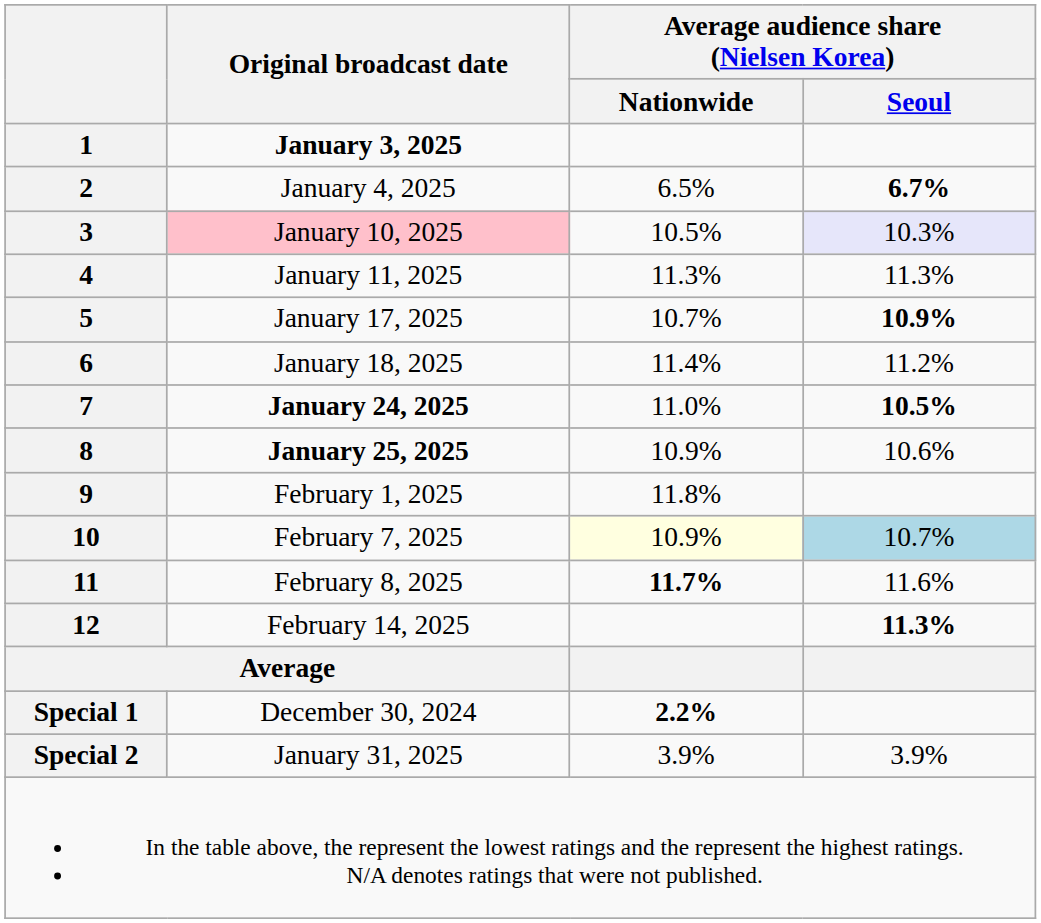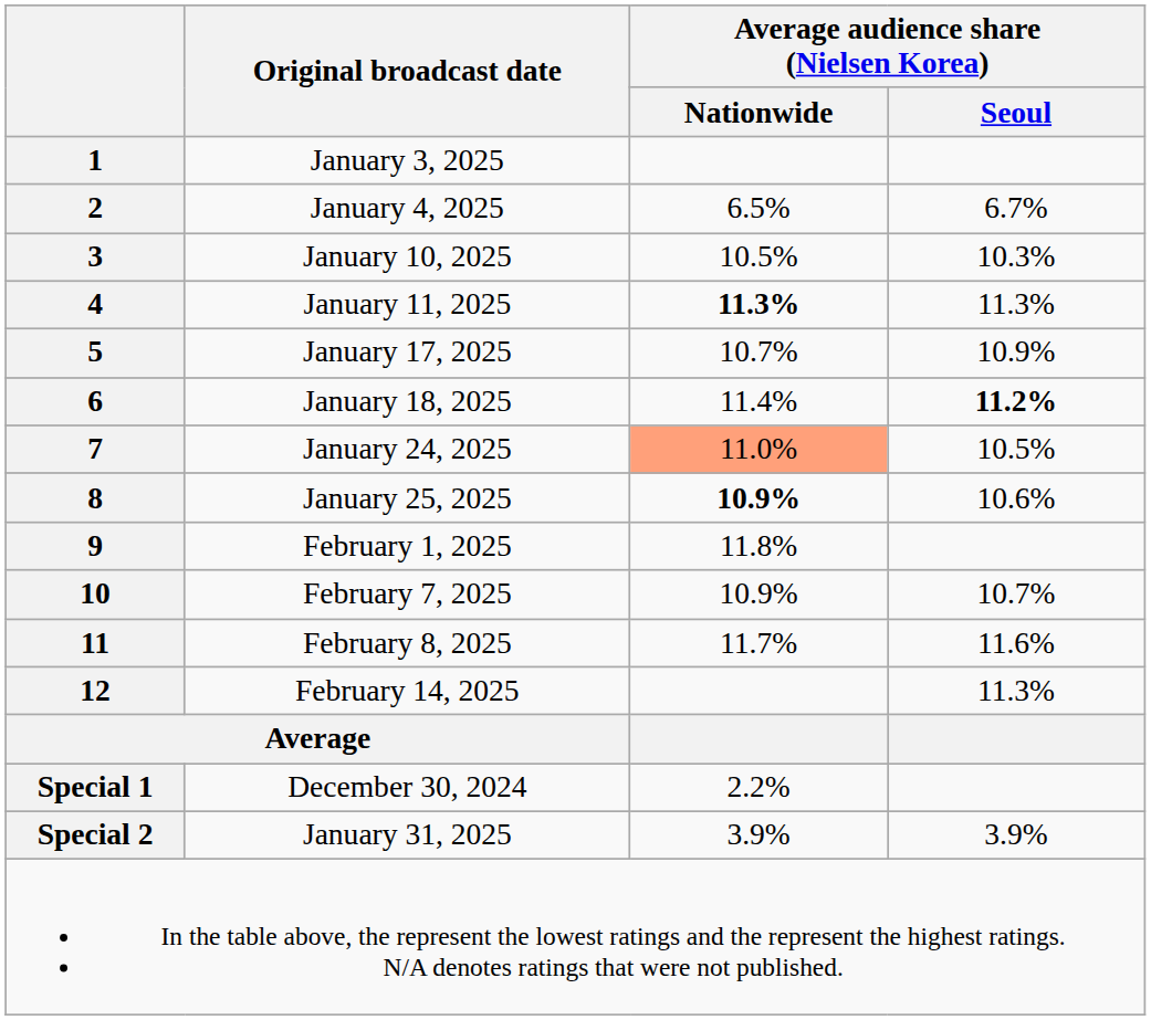 <table class="wikitable" style="margin-left:auto; margin-right:auto; width:600px; text-align:center">
 <tr>
 <th scope="col" rowspan="2"></th>
 <th scope="col" rowspan="2">Original broadcast date</th>
 <th scope="col" colspan="2">Average audience share<br>(<a href='#'>Nielsen Korea</a>)</th>
 </tr>
 <tr>
 <th scope="col" style="width:8em">Nationwide</th>
 <th scope="col" style="width:8em"><a href='#'>Seoul</a></th>
 </tr>
 <tr>
 <th scope="row">1</th>
-<td><strong>January 3, 2025</strong></td>
+<td>January 3, 2025</td>
 <td><strong></strong> </td>
 <td><strong></strong> </td>
 </tr>
 <tr>
 <th scope="row">2</th>
 <td>January 4, 2025</td>
 <td>6.5% </td>
-<td><strong>6.7% </strong></td>
+<td>6.7% </td>
 </tr>
 <tr>
 <th scope="row">3</th>
-<td style="background: pink;">January 10, 2025</td>
+<td>January 10, 2025</td>
 <td>10.5% </td>
-<td style="background: lavender;">10.3% </td>
+<td>10.3% </td>
 </tr>
 <tr>
 <th scope="row">4</th>
 <td>January 11, 2025</td>
-<td>11.3% </td>
+<td><strong>11.3% </strong></td>
 <td>11.3% </td>
 </tr>
 <tr>
 <th scope="row">5</th>
 <td>January 17, 2025</td>
 <td>10.7% </td>
-<td><strong>10.9% </strong></td>
+<td>10.9% </td>
 </tr>
 <tr>
 <th scope="row">6</th>
 <td>January 18, 2025</td>
 <td>11.4% </td>
-<td>11.2% </td>
+<td><strong>11.2% </strong></td>
 </tr>
 <tr>
 <th scope="row">7</th>
-<td><strong>January 24, 2025</strong></td>
-<td>11.0% </td>
-<td><strong>10.5% </strong></td>
+<td>January 24, 2025</td>
+<td style="background: lightsalmon;">11.0% </td>
+<td>10.5% </td>
 </tr>
 <tr>
 <th scope="row">8</th>
-<td><strong>January 25, 2025</strong></td>
-<td>10.9% </td>
+<td>January 25, 2025</td>
+<td><strong>10.9% </strong></td>
 <td>10.6% </td>
 </tr>
 <tr>
 <th scope="row">9</th>
 <td>February 1, 2025</td>
 <td>11.8% </td>
 <td><strong></strong> </td>
 </tr>
 <tr>
 <th scope="row">10</th>
 <td>February 7, 2025</td>
-<td style="background: lightyellow;">10.9% </td>
-<td style="background: lightblue;">10.7% </td>
+<td>10.9% </td>
+<td>10.7% </td>
 </tr>
 <tr>
 <th scope="row">11</th>
 <td>February 8, 2025</td>
-<td><strong>11.7% </strong></td>
+<td>11.7% </td>
 <td>11.6% </td>
 </tr>
 <tr>
 <th scope="row">12</th>
 <td>February 14, 2025</td>
 <td><strong></strong> </td>
-<td><strong>11.3% </strong></td>
+<td>11.3% </td>
 </tr>
 <tr>
 <th scope="col" colspan="2">Average</th>
 <th scope="col"></th>
 <th scope="col"></th>
 </tr>
 <tr>
 <th scope="row">Special 1</th>
 <td>December 30, 2024</td>
-<td><strong>2.2% </strong></td>
+<td>2.2% </td>
 <td></td>
 </tr>
 <tr>
 <th scope="row">Special 2</th>
 <td>January 31, 2025</td>
 <td>3.9% </td>
 <td>3.9% </td>
 </tr>
 <tr>
 <td colspan="5" style="font-size:85%"><br><ul><li>In the table above, the <strong></strong> represent the lowest ratings and the <strong></strong> represent the highest ratings.</li><li>N/A denotes ratings that were not published.</li></ul></td>
 </tr>
 </table>
